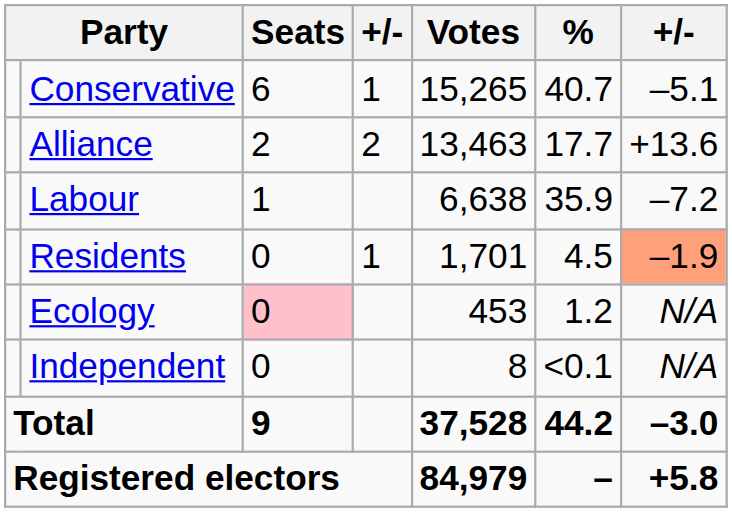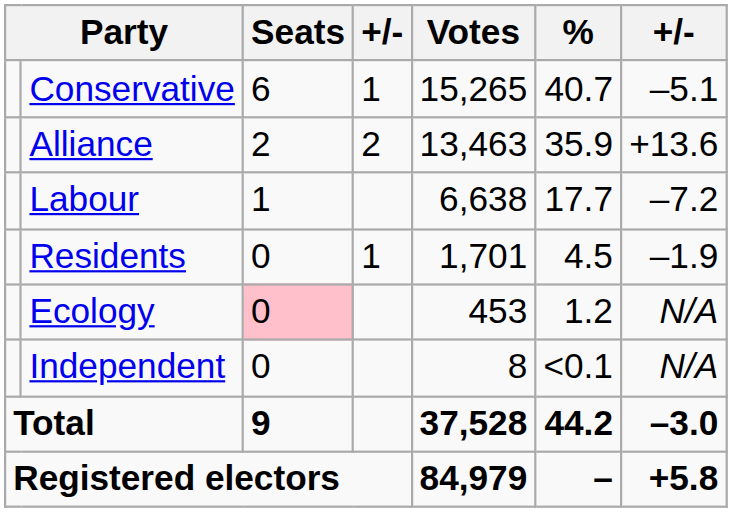 <table class="wikitable sortable">
 <tr>
 <th colspan="2">Party</th>
 <th>Seats</th>
 <th>+/-</th>
 <th>Votes</th>
 <th>%</th>
 <th>+/-</th>
 </tr>
 <tr>
 <td style="background-color: "></td>
 <td><a href='#'>Conservative</a></td>
 <td>6</td>
 <td> 1</td>
 <td style="text-align:right;">15,265</td>
 <td style="text-align:right;">40.7</td>
 <td style="text-align:right;">–5.1</td>
 </tr>
 <tr>
 <td style="background-color: "></td>
 <td><a href='#'>Alliance</a></td>
 <td>2</td>
 <td> 2</td>
 <td style="text-align:right;">13,463</td>
-<td style="text-align:right;">17.7</td>
+<td style="text-align:right;">35.9</td>
 <td style="text-align:right;">+13.6</td>
 </tr>
 <tr>
 <td style="background-color: "></td>
 <td><a href='#'>Labour</a></td>
 <td>1</td>
 <td></td>
 <td style="text-align:right;">6,638</td>
-<td style="text-align:right;">35.9</td>
+<td style="text-align:right;">17.7</td>
 <td style="text-align:right;">–7.2</td>
 </tr>
 <tr>
 <td style="background-color: "></td>
 <td><a href='#'>Residents</a></td>
 <td>0</td>
 <td> 1</td>
 <td style="text-align:right;">1,701</td>
 <td style="text-align:right;">4.5</td>
-<td style="background: lightsalmon; text-align:right;">–1.9</td>
+<td style="text-align:right;">–1.9</td>
 </tr>
 <tr>
 <td style="background-color: "></td>
 <td><a href='#'>Ecology</a></td>
 <td style="background: pink;">0</td>
 <td></td>
 <td style="text-align:right;">453</td>
 <td style="text-align:right;">1.2</td>
 <td style="text-align:right;"><em>N/A</em></td>
 </tr>
 <tr>
 <td style="background-color: "></td>
 <td><a href='#'>Independent</a></td>
 <td>0</td>
 <td></td>
 <td style="text-align:right;">8</td>
 <td style="text-align:right;"><0.1</td>
 <td style="text-align:right;"><em>N/A</em></td>
 </tr>
 <tr>
 <td colspan="2"><strong>Total</strong></td>
 <td><strong>9</strong></td>
 <td></td>
 <td style="text-align:right;"><strong>37,528</strong></td>
 <td style="text-align:right;"><strong>44.2</strong></td>
 <td style="text-align:right;"><strong>–3.0</strong></td>
 </tr>
 <tr>
 <td colspan="4"><strong>Registered electors</strong></td>
 <td style="text-align:right;"><strong>84,979</strong></td>
 <td style="text-align:right;"><strong>–</strong></td>
 <td style="text-align:right;"><strong>+5.8</strong></td>
 </tr>
 </table>
